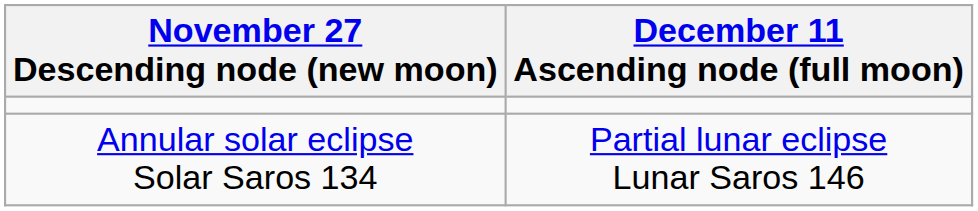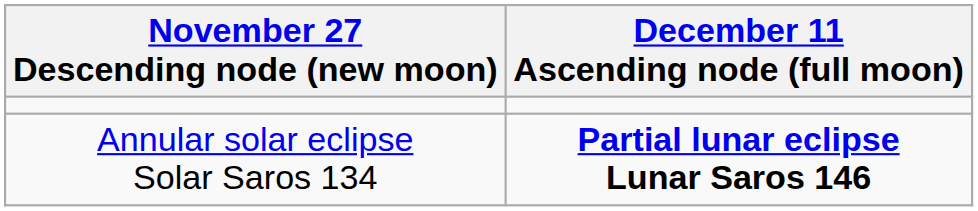 <table class="wikitable">
 <tr>
 <th><a href='#'>November 27</a><br>Descending node (new moon)<br></th>
 <th><a href='#'>December 11</a><br>Ascending node (full moon)<br></th>
 </tr>
 <tr>
 <td></td>
 <td></td>
 </tr>
 <tr align=center>
 <td><a href='#'>Annular solar eclipse</a><br>Solar Saros 134</td>
-<td><a href='#'>Partial lunar eclipse</a><br>Lunar Saros 146</td>
+<td><strong><a href='#'>Partial lunar eclipse</a><br>Lunar Saros 146</strong></td>
 </tr>
 </table>
